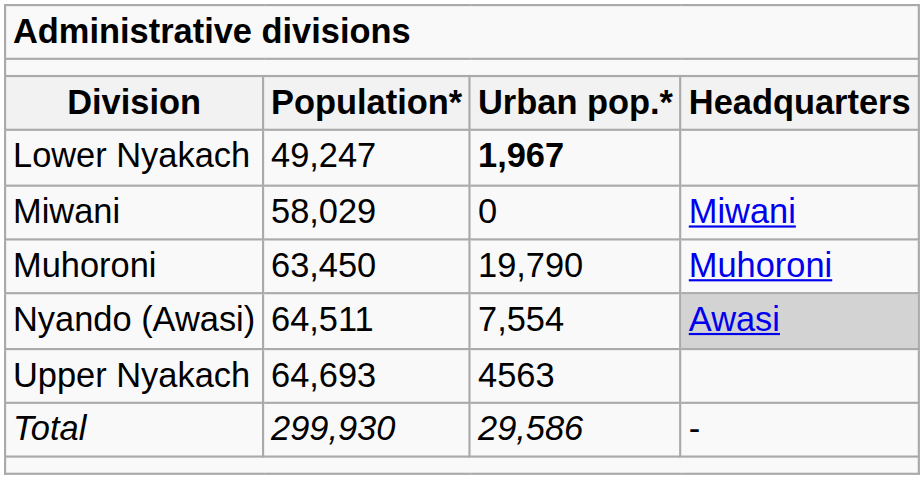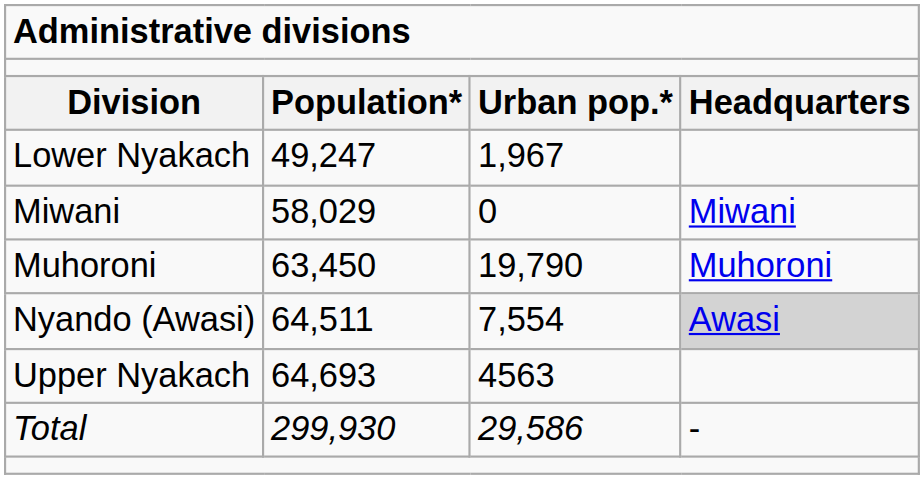 <table class="wikitable">
 <tr>
 <td colspan="4"><strong>Administrative divisions</strong></td>
 </tr>
 <tr>
 <td colspan="4"></td>
 </tr>
 <tr>
 <th>Division</th>
 <th>Population*</th>
 <th>Urban pop.*</th>
 <th>Headquarters</th>
 </tr>
 <tr>
 <td>Lower Nyakach</td>
 <td>49,247</td>
-<td><strong>1,967</strong></td>
+<td>1,967</td>
 <td></td>
 </tr>
 <tr>
 <td>Miwani</td>
 <td>58,029</td>
 <td>0</td>
 <td><a href='#'>Miwani</a></td>
 </tr>
 <tr>
 <td>Muhoroni</td>
 <td>63,450</td>
 <td>19,790</td>
 <td><a href='#'>Muhoroni</a></td>
 </tr>
 <tr>
 <td>Nyando (Awasi)</td>
 <td>64,511</td>
 <td>7,554</td>
 <td style="background: lightgrey;"><a href='#'>Awasi</a></td>
 </tr>
 <tr>
 <td>Upper Nyakach</td>
 <td>64,693</td>
 <td>4563</td>
 <td></td>
 </tr>
 <tr>
 <td><em>Total</em></td>
 <td><em>299,930</em></td>
 <td><em>29,586</em></td>
 <td>-</td>
 </tr>
 <tr>
 <td colspan="4"></td>
 </tr>
 </table>
